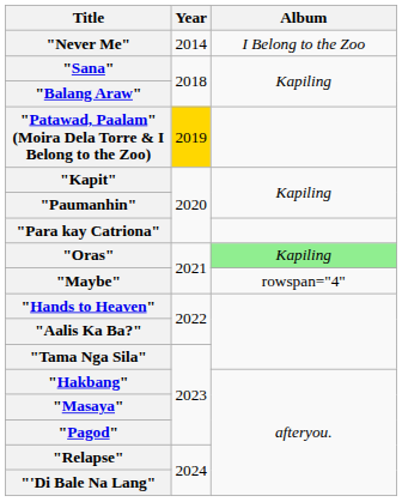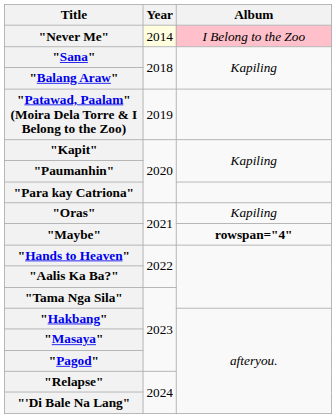 <table class="wikitable plainrowheaders" style="text-align:center;">
 <tr>
 <th scope="col" style="width:160px;">Title</th>
 <th scope="col">Year</th>
 <th scope="col" style="width:180px;">Album</th>
 </tr>
 <tr>
 <th scope="row">"Never Me"</th>
-<td>2014</td>
-<td><em>I Belong to the Zoo</em></td>
+<td style="background: lightyellow;">2014</td>
+<td style="background: pink;"><em>I Belong to the Zoo</em></td>
 </tr>
 <tr>
 <th scope="row">"<a href='#'>Sana</a>"</th>
 <td rowspan="2">2018</td>
 <td rowspan="2"><em>Kapiling</em></td>
 </tr>
 <tr>
 <th scope="row">"<a href='#'>Balang Araw</a>"</th>
 </tr>
 <tr>
 <th scope="row">"<a href='#'>Patawad, Paalam</a>"<br><span>(Moira Dela Torre & I Belong to the Zoo)</span></th>
-<td style="background: gold;">2019</td>
+<td>2019</td>
 <td></td>
 </tr>
 <tr>
 <th scope="row">"Kapit"</th>
 <td rowspan="3">2020</td>
 <td rowspan="2"><em>Kapiling</em></td>
 </tr>
 <tr>
 <th scope="row">"Paumanhin"</th>
 </tr>
 <tr>
 <th scope="row">"Para kay Catriona"</th>
 <td></td>
 </tr>
 <tr>
 <th scope="row">"Oras"</th>
 <td rowspan="2">2021</td>
-<td style="background: lightgreen;"><em>Kapiling</em></td>
+<td><em>Kapiling</em></td>
 </tr>
 <tr>
 <th scope="row">"Maybe"</th>
-<td>rowspan="4" </td>
+<td><strong>rowspan="4" </strong></td>
 </tr>
 <tr>
 <th scope="row">"<a href='#'>Hands to Heaven</a>"</th>
 <td rowspan="2">2022</td>
 </tr>
 <tr>
 <th scope="row">"Aalis Ka Ba?"</th>
 </tr>
 <tr>
 <th scope="row">"Tama Nga Sila"</th>
 <td rowspan="4">2023</td>
 </tr>
 <tr>
 <th scope="row">"<a href='#'>Hakbang</a>"</th>
 <td rowspan="7"><em>afteryou.</em></td>
 </tr>
 <tr>
 <th scope="row">"<a href='#'>Masaya</a>"</th>
 </tr>
 <tr>
 <th scope="row">"<a href='#'>Pagod</a>"</th>
 </tr>
 <tr>
 <th scope="row">"Relapse"</th>
 <td rowspan="3">2024</td>
 </tr>
 <tr>
 <th scope="row">"'Di Bale Na Lang"</th>
 </tr>
 </table>
